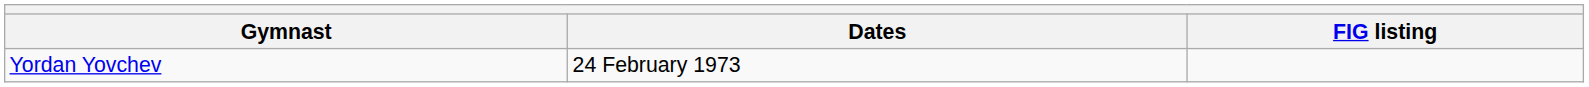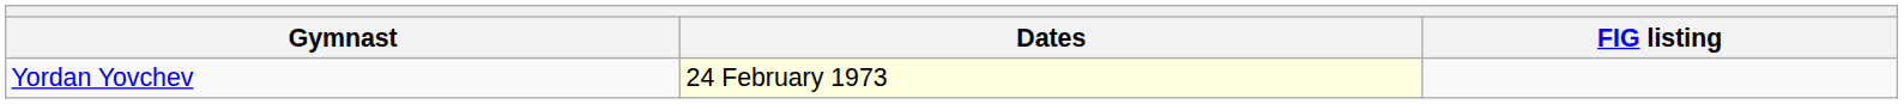 <table class="wikitable mw-collapsible mw-collapsed" width="75%">
 <tr>
 <th colspan="3"></th>
 </tr>
 <tr>
 <th>Gymnast</th>
 <th>Dates</th>
 <th><a href='#'>FIG</a> listing</th>
 </tr>
 <tr>
 <td><a href='#'>Yordan Yovchev</a></td>
-<td>24 February 1973</td>
+<td style="background: lightyellow;">24 February 1973</td>
 <td></td>
 </tr>
 </table>
